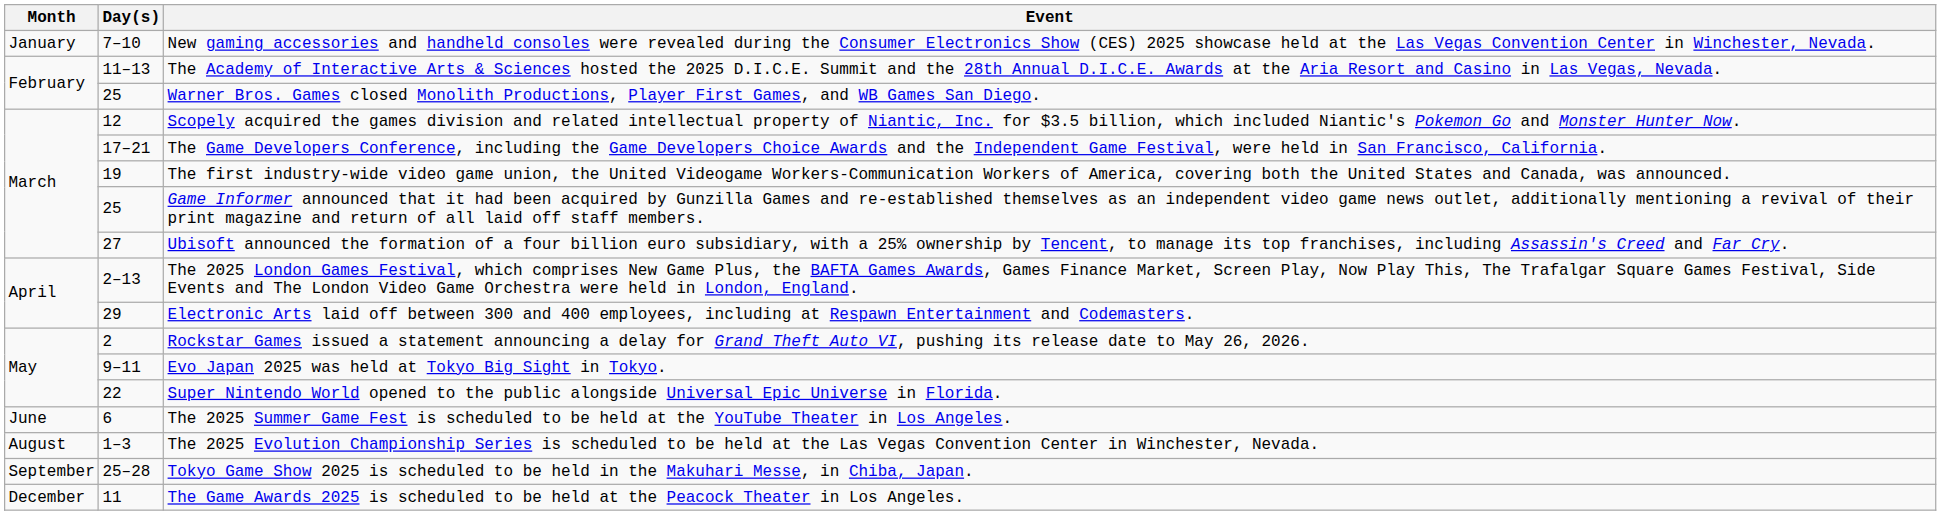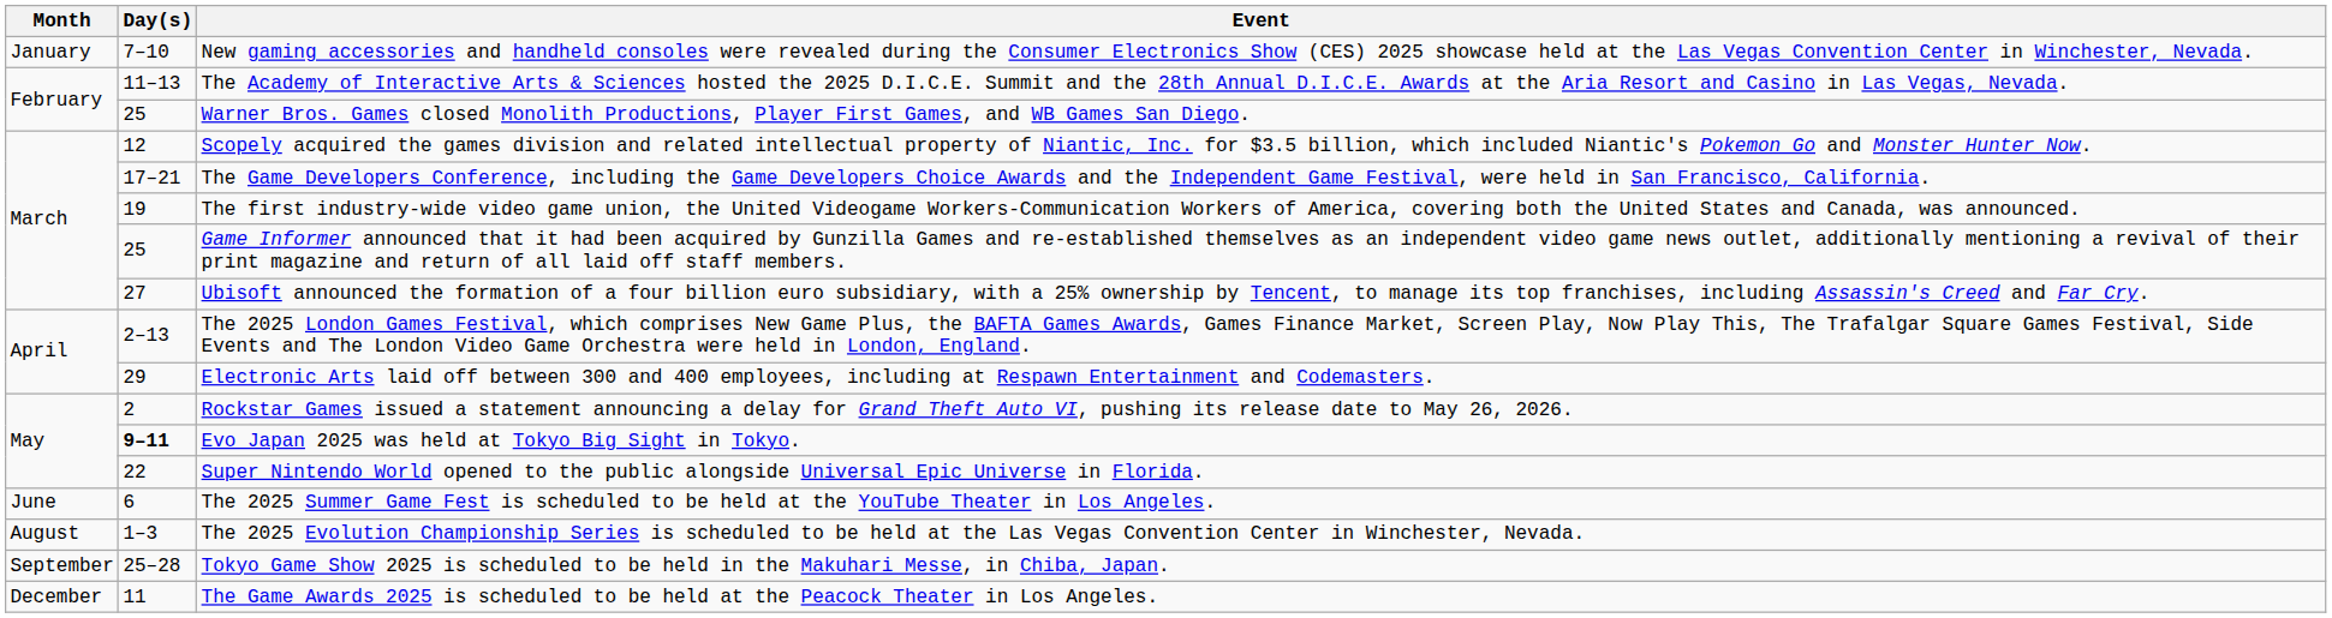 <table class="wikitable">
 <tr>
 <th>Month</th>
 <th>Day(s)</th>
 <th>Event</th>
 </tr>
 <tr>
 <td rowspan="1">January</td>
 <td>7–10</td>
 <td>New <a href='#'>gaming accessories</a> and <a href='#'>handheld consoles</a> were revealed during the <a href='#'>Consumer Electronics Show</a> (CES) 2025 showcase held at the <a href='#'>Las Vegas Convention Center</a> in <a href='#'>Winchester, Nevada</a>.</td>
 </tr>
 <tr>
 <td rowspan="2">February</td>
 <td>11–13</td>
 <td>The <a href='#'>Academy of Interactive Arts & Sciences</a> hosted the 2025 D.I.C.E. Summit and the <a href='#'>28th Annual D.I.C.E. Awards</a> at the <a href='#'>Aria Resort and Casino</a> in <a href='#'>Las Vegas, Nevada</a>.</td>
 </tr>
 <tr>
 <td>25</td>
 <td><a href='#'>Warner Bros. Games</a> closed <a href='#'>Monolith Productions</a>, <a href='#'>Player First Games</a>, and <a href='#'>WB Games San Diego</a>.</td>
 </tr>
 <tr>
 <td rowspan="5">March</td>
 <td>12</td>
 <td><a href='#'>Scopely</a> acquired the games division and related intellectual property of <a href='#'>Niantic, Inc.</a> for $3.5 billion, which included Niantic's <em><a href='#'>Pokemon Go</a></em> and <em><a href='#'>Monster Hunter Now</a></em>.</td>
 </tr>
 <tr>
 <td>17–21</td>
 <td>The <a href='#'>Game Developers Conference</a>, including the <a href='#'>Game Developers Choice Awards</a> and the <a href='#'>Independent Game Festival</a>, were held in <a href='#'>San Francisco, California</a>.</td>
 </tr>
 <tr>
 <td>19</td>
 <td>The first industry-wide video game union, the United Videogame Workers-Communication Workers of America, covering both the United States and Canada, was announced.</td>
 </tr>
 <tr>
 <td>25</td>
 <td><em><a href='#'>Game Informer</a></em> announced that it had been acquired by Gunzilla Games and re-established themselves as an independent video game news outlet, additionally mentioning a revival of their print magazine and return of all laid off staff members.</td>
 </tr>
 <tr>
 <td>27</td>
 <td><a href='#'>Ubisoft</a> announced the formation of a four billion euro subsidiary, with a 25% ownership by <a href='#'>Tencent</a>, to manage its top franchises, including <em><a href='#'>Assassin's Creed</a></em> and <em><a href='#'>Far Cry</a></em>.</td>
 </tr>
 <tr>
 <td rowspan="2">April</td>
 <td>2–13</td>
 <td>The 2025 <a href='#'>London Games Festival</a>, which comprises New Game Plus, the <a href='#'>BAFTA Games Awards</a>, Games Finance Market, Screen Play, Now Play This, The Trafalgar Square Games Festival, Side Events and The London Video Game Orchestra were held in <a href='#'>London, England</a>.</td>
 </tr>
 <tr>
 <td>29</td>
 <td><a href='#'>Electronic Arts</a> laid off between 300 and 400 employees, including at <a href='#'>Respawn Entertainment</a> and <a href='#'>Codemasters</a>.</td>
 </tr>
 <tr>
 <td rowspan="3">May</td>
 <td>2</td>
 <td><a href='#'>Rockstar Games</a> issued a statement announcing a delay for <em><a href='#'>Grand Theft Auto VI</a></em>, pushing its release date to May 26, 2026.</td>
 </tr>
 <tr>
-<td>9–11</td>
+<td><strong>9–11</strong></td>
 <td><a href='#'>Evo Japan</a> 2025 was held at <a href='#'>Tokyo Big Sight</a> in <a href='#'>Tokyo</a>.</td>
 </tr>
 <tr>
 <td>22</td>
 <td><a href='#'>Super Nintendo World</a> opened to the public alongside <a href='#'>Universal Epic Universe</a> in <a href='#'>Florida</a>.</td>
 </tr>
 <tr>
 <td>June</td>
 <td>6</td>
 <td>The 2025 <a href='#'>Summer Game Fest</a> is scheduled to be held at the <a href='#'>YouTube Theater</a> in <a href='#'>Los Angeles</a>.</td>
 </tr>
 <tr>
 <td>August</td>
 <td>1–3</td>
 <td>The 2025 <a href='#'>Evolution Championship Series</a> is scheduled to be held at the Las Vegas Convention Center in Winchester, Nevada.</td>
 </tr>
 <tr>
 <td>September</td>
 <td>25–28</td>
 <td><a href='#'>Tokyo Game Show</a> 2025 is scheduled to be held in the <a href='#'>Makuhari Messe</a>, in <a href='#'>Chiba, Japan</a>.</td>
 </tr>
 <tr>
 <td>December</td>
 <td>11</td>
 <td><a href='#'>The Game Awards 2025</a> is scheduled to be held at the <a href='#'>Peacock Theater</a> in Los Angeles.</td>
 </tr>
 </table>
